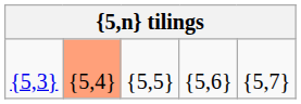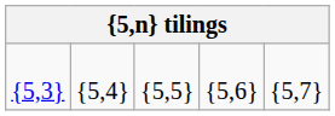 <table class="wikitable collapsible collapsed">
 <tr>
 <th colspan=5>{5,n} tilings</th>
 </tr>
 <tr align=center>
 <td><br><a href='#'>{5,3}</a><br></td>
-<td style="background: lightsalmon;"><br>{5,4}<br></td>
+<td><br>{5,4}<br></td>
 <td><br>{5,5}<br></td>
 <td><br>{5,6}<br></td>
 <td><br>{5,7}<br></td>
 </tr>
 </table>
